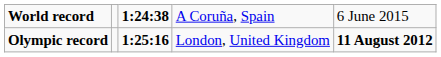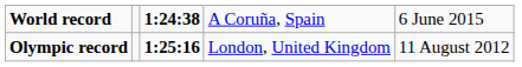 <table class="wikitable">
 <tr>
 <td><strong>World record</strong></td>
 <td></td>
 <td><strong>1:24:38</strong></td>
 <td><a href='#'>A Coruña</a>, <a href='#'>Spain</a></td>
 <td>6 June 2015</td>
 </tr>
 <tr>
 <td><strong>Olympic record</strong></td>
 <td></td>
 <td><strong>1:25:16</strong></td>
 <td><a href='#'>London</a>, <a href='#'>United Kingdom</a></td>
-<td><strong>11 August 2012</strong></td>
+<td>11 August 2012</td>
 </tr>
 </table>
